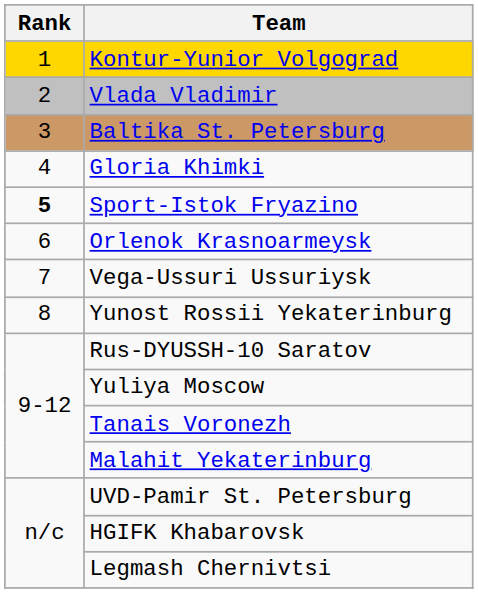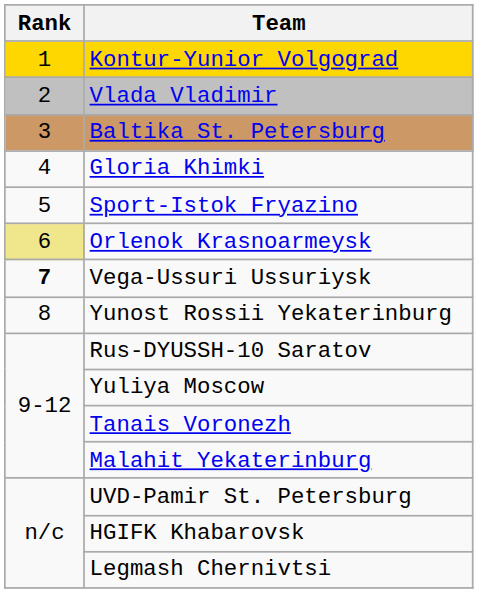 <table class="wikitable" style="text-align: center;">
 <tr>
 <th width=40>Rank</th>
 <th width=220>Team</th>
 </tr>
 <tr style="background:gold">
 <td>1</td>
 <td align=left> <a href='#'>Kontur-Yunior Volgograd</a></td>
 </tr>
 <tr style="background:silver">
 <td>2</td>
 <td align=left> <a href='#'>Vlada Vladimir</a></td>
 </tr>
 <tr style="background:#CC9966">
 <td>3</td>
 <td align=left> <a href='#'>Baltika St. Petersburg</a></td>
 </tr>
 <tr>
 <td>4</td>
 <td align=left> <a href='#'>Gloria Khimki</a></td>
 </tr>
 <tr>
-<td><strong>5</strong></td>
+<td>5</td>
 <td align=left> <a href='#'>Sport-Istok Fryazino</a></td>
 </tr>
 <tr>
-<td>6</td>
+<td style="background: khaki;">6</td>
 <td align=left> <a href='#'>Orlenok Krasnoarmeysk</a></td>
 </tr>
 <tr>
-<td>7</td>
+<td><strong>7</strong></td>
 <td align=left> Vega-Ussuri Ussuriysk</td>
 </tr>
 <tr>
 <td>8</td>
 <td align=left> Yunost Rossii Yekaterinburg</td>
 </tr>
 <tr>
 <td rowspan=4>9-12</td>
 <td align=left> Rus-DYUSSH-10 Saratov</td>
 </tr>
 <tr>
 <td align=left> Yuliya Moscow</td>
 </tr>
 <tr>
 <td align=left> <a href='#'>Tanais Voronezh</a></td>
 </tr>
 <tr>
 <td align=left> <a href='#'>Malahit Yekaterinburg</a></td>
 </tr>
 <tr>
 <td rowspan=3>n/c</td>
 <td align=left> UVD-Pamir St. Petersburg</td>
 </tr>
 <tr>
 <td align=left> HGIFK Khabarovsk</td>
 </tr>
 <tr>
 <td align=left> Legmash Chernivtsi</td>
 </tr>
 </table>
